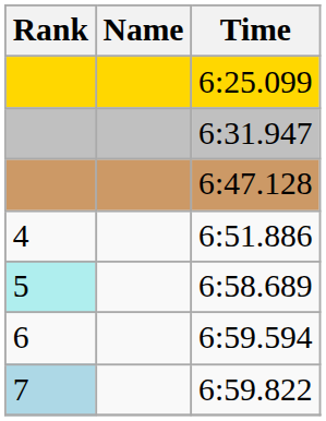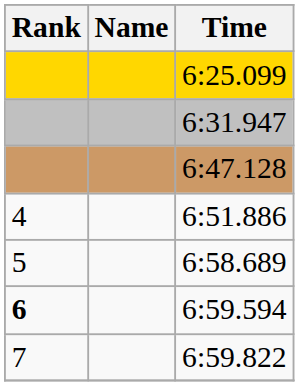 <table class="wikitable">
 <tr>
 <th>Rank</th>
 <th>Name</th>
 <th>Time</th>
 </tr>
 <tr style="background:gold;">
 <td></td>
 <td></td>
 <td>6:25.099</td>
 </tr>
 <tr style="background:silver;">
 <td></td>
 <td></td>
 <td>6:31.947</td>
 </tr>
 <tr style="background:#cc9966;">
 <td></td>
 <td></td>
 <td>6:47.128</td>
 </tr>
 <tr>
 <td>4</td>
 <td></td>
 <td>6:51.886</td>
 </tr>
 <tr>
-<td style="background: paleturquoise;">5</td>
+<td>5</td>
 <td></td>
 <td>6:58.689</td>
 </tr>
 <tr>
-<td>6</td>
+<td><strong>6</strong></td>
 <td></td>
 <td>6:59.594</td>
 </tr>
 <tr>
-<td style="background: lightblue;">7</td>
+<td>7</td>
 <td></td>
 <td>6:59.822</td>
 </tr>
 <tr>
 </tr>
 </table>
